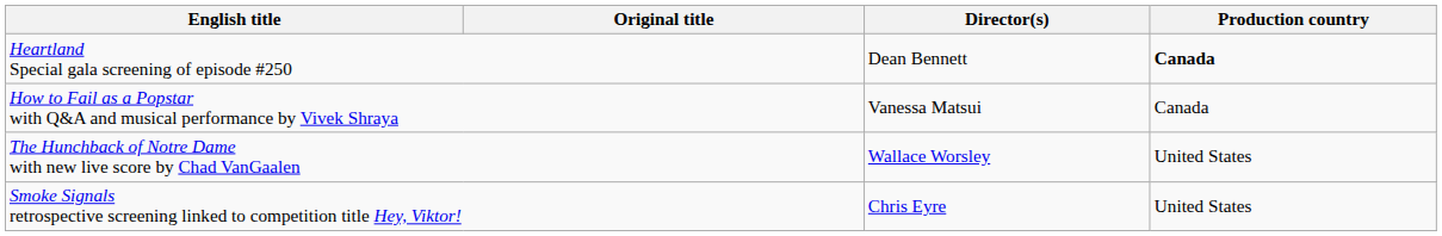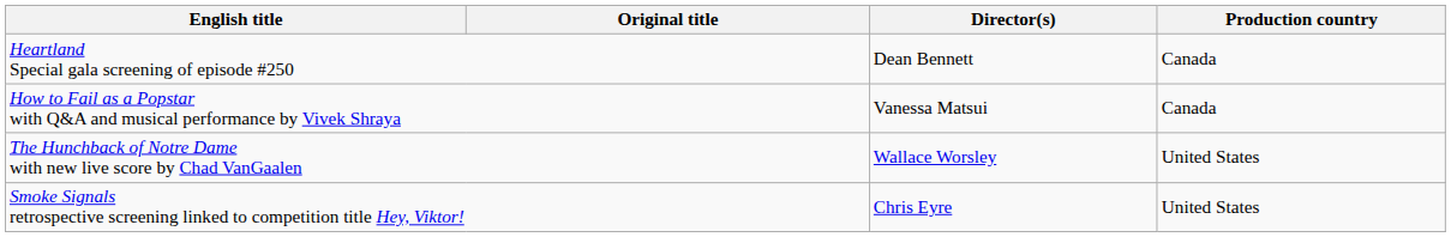 <table class="wikitable" width=100%>
 <tr>
 <th scope="col" width="32%">English title</th>
 <th scope="col" width="28%">Original title</th>
 <th scope="col" width="20%">Director(s)</th>
 <th scope="col" width="20%">Production country</th>
 </tr>
 <tr>
 <td colspan=2><em><a href='#'>Heartland</a></em><br>Special gala screening of episode #250</td>
 <td>Dean Bennett</td>
-<td><strong>Canada</strong></td>
+<td>Canada</td>
 </tr>
 <tr>
 <td colspan=2><em><a href='#'>How to Fail as a Popstar</a></em><br>with Q&A and musical performance by <a href='#'>Vivek Shraya</a></td>
 <td>Vanessa Matsui</td>
 <td>Canada</td>
 </tr>
 <tr>
 <td colspan=2><em><a href='#'>The Hunchback of Notre Dame</a></em><br>with new live score by <a href='#'>Chad VanGaalen</a></td>
 <td><a href='#'>Wallace Worsley</a></td>
 <td>United States</td>
 </tr>
 <tr>
 <td colspan=2><em><a href='#'>Smoke Signals</a></em><br>retrospective screening linked to competition title <em><a href='#'>Hey, Viktor!</a></em></td>
 <td><a href='#'>Chris Eyre</a></td>
 <td>United States</td>
 </tr>
 </table>
